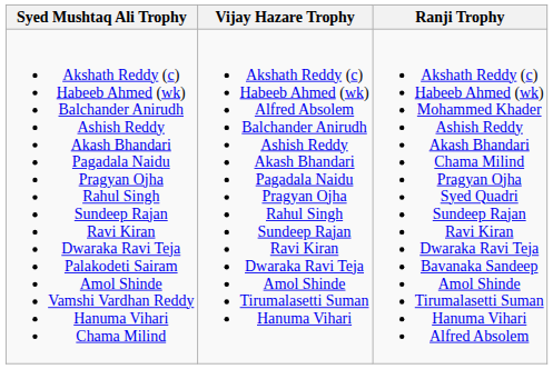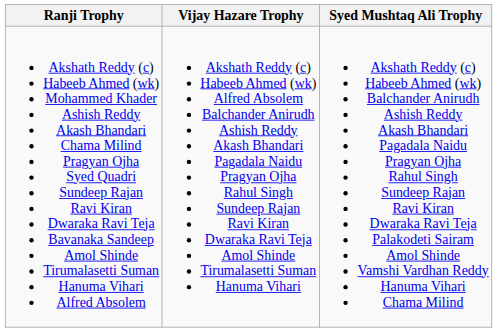 <table class="wikitable" style="text-align:center; margin:auto">
 <tr>
+<th>Ranji Trophy</th>
+<th>Vijay Hazare Trophy</th>
 <th>Syed Mushtaq Ali Trophy</th>
-<th>Vijay Hazare Trophy</th>
-<th>Ranji Trophy</th>
 </tr>
 <tr style="vertical-align:top">
+<td><br><ul><li><a href='#'>Akshath Reddy</a> (<a href='#'>c</a>)</li><li><a href='#'>Habeeb Ahmed</a> (<a href='#'>wk</a>)</li><li><a href='#'>Mohammed Khader</a></li><li><a href='#'>Ashish Reddy</a></li><li><a href='#'>Akash Bhandari</a></li><li><a href='#'>Chama Milind</a></li><li><a href='#'>Pragyan Ojha</a></li><li><a href='#'>Syed Quadri</a></li><li><a href='#'>Sundeep Rajan</a></li><li><a href='#'>Ravi Kiran</a></li><li><a href='#'>Dwaraka Ravi Teja</a></li><li><a href='#'>Bavanaka Sandeep</a></li><li><a href='#'>Amol Shinde</a></li><li><a href='#'>Tirumalasetti Suman</a></li><li><a href='#'>Hanuma Vihari</a></li><li><a href='#'>Alfred Absolem</a></li></ul></td>
+<td><br><ul><li><a href='#'>Akshath Reddy</a> (<a href='#'>c</a>)</li><li><a href='#'>Habeeb Ahmed</a> (<a href='#'>wk</a>)</li><li><a href='#'>Alfred Absolem</a></li><li><a href='#'>Balchander Anirudh</a></li><li><a href='#'>Ashish Reddy</a></li><li><a href='#'>Akash Bhandari</a></li><li><a href='#'>Pagadala Naidu</a></li><li><a href='#'>Pragyan Ojha</a></li><li><a href='#'>Rahul Singh</a></li><li><a href='#'>Sundeep Rajan</a></li><li><a href='#'>Ravi Kiran</a></li><li><a href='#'>Dwaraka Ravi Teja</a></li><li><a href='#'>Amol Shinde</a></li><li><a href='#'>Tirumalasetti Suman</a></li><li><a href='#'>Hanuma Vihari</a></li></ul></td>
 <td><br><ul><li><a href='#'>Akshath Reddy</a> (<a href='#'>c</a>)</li><li><a href='#'>Habeeb Ahmed</a> (<a href='#'>wk</a>)</li><li><a href='#'>Balchander Anirudh</a></li><li><a href='#'>Ashish Reddy</a></li><li><a href='#'>Akash Bhandari</a></li><li><a href='#'>Pagadala Naidu</a></li><li><a href='#'>Pragyan Ojha</a></li><li><a href='#'>Rahul Singh</a></li><li><a href='#'>Sundeep Rajan</a></li><li><a href='#'>Ravi Kiran</a></li><li><a href='#'>Dwaraka Ravi Teja</a></li><li><a href='#'>Palakodeti Sairam</a></li><li><a href='#'>Amol Shinde</a></li><li><a href='#'>Vamshi Vardhan Reddy</a></li><li><a href='#'>Hanuma Vihari</a></li><li><a href='#'>Chama Milind</a></li></ul></td>
-<td><br><ul><li><a href='#'>Akshath Reddy</a> (<a href='#'>c</a>)</li><li><a href='#'>Habeeb Ahmed</a> (<a href='#'>wk</a>)</li><li><a href='#'>Alfred Absolem</a></li><li><a href='#'>Balchander Anirudh</a></li><li><a href='#'>Ashish Reddy</a></li><li><a href='#'>Akash Bhandari</a></li><li><a href='#'>Pagadala Naidu</a></li><li><a href='#'>Pragyan Ojha</a></li><li><a href='#'>Rahul Singh</a></li><li><a href='#'>Sundeep Rajan</a></li><li><a href='#'>Ravi Kiran</a></li><li><a href='#'>Dwaraka Ravi Teja</a></li><li><a href='#'>Amol Shinde</a></li><li><a href='#'>Tirumalasetti Suman</a></li><li><a href='#'>Hanuma Vihari</a></li></ul></td>
-<td><br><ul><li><a href='#'>Akshath Reddy</a> (<a href='#'>c</a>)</li><li><a href='#'>Habeeb Ahmed</a> (<a href='#'>wk</a>)</li><li><a href='#'>Mohammed Khader</a></li><li><a href='#'>Ashish Reddy</a></li><li><a href='#'>Akash Bhandari</a></li><li><a href='#'>Chama Milind</a></li><li><a href='#'>Pragyan Ojha</a></li><li><a href='#'>Syed Quadri</a></li><li><a href='#'>Sundeep Rajan</a></li><li><a href='#'>Ravi Kiran</a></li><li><a href='#'>Dwaraka Ravi Teja</a></li><li><a href='#'>Bavanaka Sandeep</a></li><li><a href='#'>Amol Shinde</a></li><li><a href='#'>Tirumalasetti Suman</a></li><li><a href='#'>Hanuma Vihari</a></li><li><a href='#'>Alfred Absolem</a></li></ul></td>
 </tr>
 </table>
